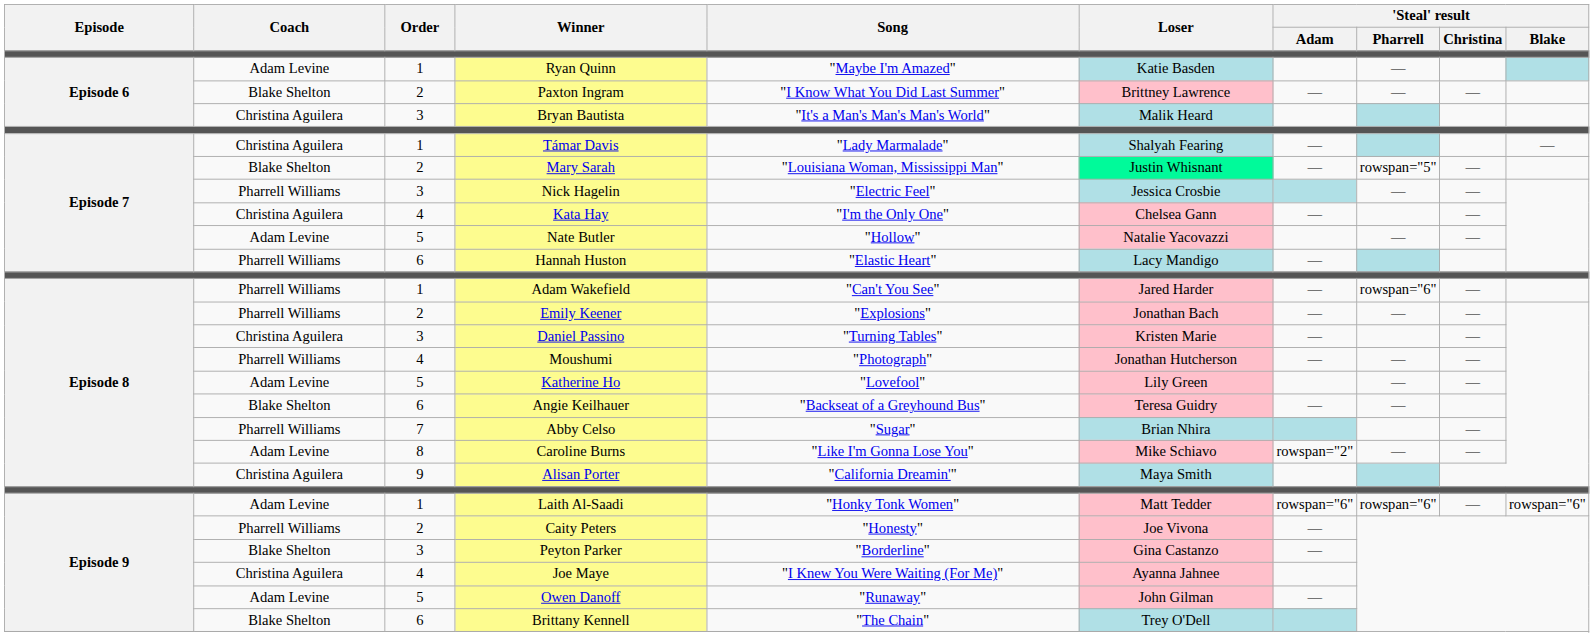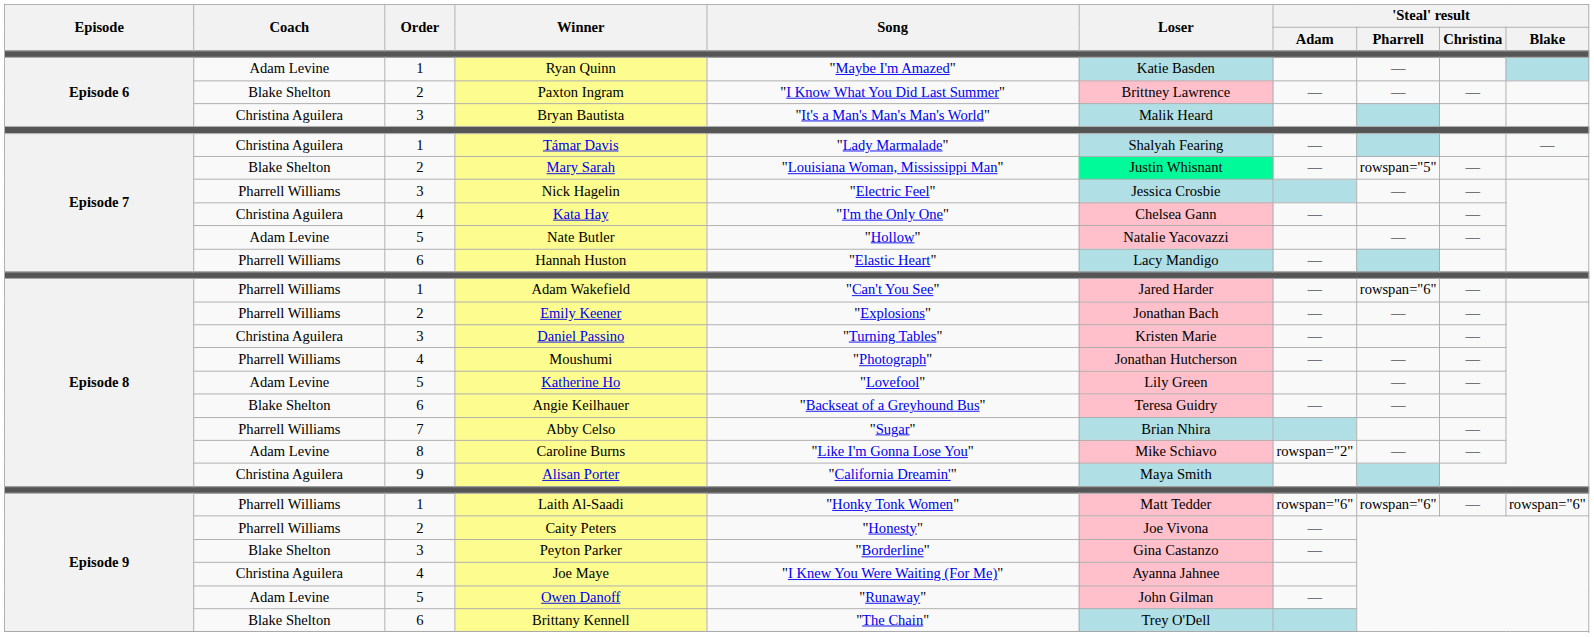 <table class="wikitable" style="text-align: center; width:110%;">
 <tr>
 <th rowspan="2" style="width:15%;">Episode</th>
 <th rowspan="2" style="width:15%;">Coach</th>
 <th rowspan="2" style="width:05%;">Order</th>
 <th rowspan="2" style="width:20%;">Winner</th>
 <th rowspan="2" style="width:30%;">Song</th>
 <th rowspan="2" style="width:20%;">Loser</th>
 <th colspan="4" style="width:20%;">'Steal' result</th>
 </tr>
 <tr>
 <th style="width:05%;">Adam</th>
 <th style="width:05%;">Pharrell</th>
 <th style="width:05%;">Christina</th>
 <th style="width:05%;">Blake</th>
 </tr>
 <tr>
 <td colspan="10" style="background:#555;"></td>
 </tr>
 <tr>
 <th rowspan="3">Episode 6<br><small></small></th>
 <td>Adam Levine</td>
 <td>1</td>
 <td style="background:#fdfc8f;">Ryan Quinn</td>
 <td>"<a href='#'>Maybe I'm Amazed</a>"</td>
 <td style="background:#B0E0E6;">Katie Basden</td>
 <td></td>
 <td>—</td>
 <td><strong></strong></td>
 <td style="background:#B0E0E6;"><strong></strong></td>
 </tr>
 <tr>
 <td>Blake Shelton</td>
 <td>2</td>
 <td style="background:#fdfc8f;">Paxton Ingram</td>
 <td>"<a href='#'>I Know What You Did Last Summer</a>"</td>
 <td style="background:pink;">Brittney Lawrence</td>
 <td>—</td>
 <td>—</td>
 <td>—</td>
 <td></td>
 </tr>
 <tr>
 <td>Christina Aguilera</td>
 <td>3</td>
 <td style="background:#fdfc8f;">Bryan Bautista</td>
 <td>"<a href='#'>It's a Man's Man's Man's World</a>"</td>
 <td style="background:#B0E0E6;">Malik Heard</td>
 <td><strong></strong></td>
 <td style="background:#B0E0E6;"><strong></strong></td>
 <td></td>
 <td><strong></strong></td>
 </tr>
 <tr>
 <td colspan="10" style="background:#555;"></td>
 </tr>
 <tr>
 <th rowspan="6">Episode 7<br><small></small></th>
 <td>Christina Aguilera</td>
 <td>1</td>
 <td style="background:#fdfc8f;"><a href='#'>Támar Davis</a></td>
 <td>"<a href='#'>Lady Marmalade</a>"</td>
 <td style="background:#B0E0E6;">Shalyah Fearing</td>
 <td>—</td>
 <td style="background:#B0E0E6;"><strong></strong></td>
 <td></td>
 <td>—</td>
 </tr>
 <tr>
 <td>Blake Shelton</td>
 <td>2</td>
 <td style="background:#fdfc8f;"><a href='#'>Mary Sarah</a></td>
 <td>"<a href='#'>Louisiana Woman, Mississippi Man</a>"</td>
 <td style="background:#00fa9a;">Justin Whisnant</td>
 <td>—</td>
 <td>rowspan="5" </td>
 <td>—</td>
 <td></td>
 </tr>
 <tr>
 <td>Pharrell Williams</td>
 <td>3</td>
 <td style="background:#fdfc8f;">Nick Hagelin</td>
 <td>"<a href='#'>Electric Feel</a>"</td>
 <td style="background:#B0E0E6;">Jessica Crosbie</td>
 <td style="background:#B0E0E6;"><strong></strong></td>
 <td>—</td>
 <td>—</td>
 </tr>
 <tr>
 <td>Christina Aguilera</td>
 <td>4</td>
 <td style="background:#fdfc8f;"><a href='#'>Kata Hay</a></td>
 <td>"<a href='#'>I'm the Only One</a>"</td>
 <td style="background:pink;">Chelsea Gann</td>
 <td>—</td>
 <td></td>
 <td>—</td>
 </tr>
 <tr>
 <td>Adam Levine</td>
 <td>5</td>
 <td style="background:#fdfc8f;">Nate Butler</td>
 <td>"<a href='#'>Hollow</a>"</td>
 <td style="background:pink;">Natalie Yacovazzi</td>
 <td></td>
 <td>—</td>
 <td>—</td>
 </tr>
 <tr>
 <td>Pharrell Williams</td>
 <td>6</td>
 <td style="background:#fdfc8f;">Hannah Huston</td>
 <td>"<a href='#'>Elastic Heart</a>"</td>
 <td style="background:#B0E0E6;">Lacy Mandigo</td>
 <td>—</td>
 <td style="background:#B0E0E6;"><strong></strong></td>
 <td><strong></strong></td>
 </tr>
 <tr>
 <td colspan="10" style="background:#555;"></td>
 </tr>
 <tr>
 <th rowspan="9">Episode 8<br><small></small></th>
 <td>Pharrell Williams</td>
 <td>1</td>
 <td style="background:#fdfc8f;">Adam Wakefield</td>
 <td>"<a href='#'>Can't You See</a>"</td>
 <td style="background:pink;">Jared Harder</td>
 <td>—</td>
 <td>rowspan="6" </td>
 <td>—</td>
 <td></td>
 </tr>
 <tr>
 <td>Pharrell Williams</td>
 <td>2</td>
 <td style="background:#fdfc8f;"><a href='#'>Emily Keener</a></td>
 <td>"<a href='#'>Explosions</a>"</td>
 <td style="background:pink;">Jonathan Bach</td>
 <td>—</td>
 <td>—</td>
 <td>—</td>
 </tr>
 <tr>
 <td>Christina Aguilera</td>
 <td>3</td>
 <td style="background:#fdfc8f;"><a href='#'>Daniel Passino</a></td>
 <td>"<a href='#'>Turning Tables</a>"</td>
 <td style="background:pink;">Kristen Marie</td>
 <td>—</td>
 <td></td>
 <td>—</td>
 </tr>
 <tr>
 <td>Pharrell Williams</td>
 <td>4</td>
 <td style="background:#fdfc8f;">Moushumi</td>
 <td>"<a href='#'>Photograph</a>"</td>
 <td style="background:pink;">Jonathan Hutcherson</td>
 <td>—</td>
 <td>—</td>
 <td>—</td>
 </tr>
 <tr>
 <td>Adam Levine</td>
 <td>5</td>
 <td style="background:#fdfc8f;"><a href='#'>Katherine Ho</a></td>
 <td>"<a href='#'>Lovefool</a>"</td>
 <td style="background:pink;">Lily Green</td>
 <td></td>
 <td>—</td>
 <td>—</td>
 </tr>
 <tr>
 <td>Blake Shelton</td>
 <td>6</td>
 <td style="background:#fdfc8f;">Angie Keilhauer</td>
 <td>"<a href='#'>Backseat of a Greyhound Bus</a>"</td>
 <td style="background:pink;">Teresa Guidry</td>
 <td>—</td>
 <td>—</td>
 <td></td>
 </tr>
 <tr>
 <td>Pharrell Williams</td>
 <td>7</td>
 <td style="background:#fdfc8f;">Abby Celso</td>
 <td>"<a href='#'>Sugar</a>"</td>
 <td style="background:#B0E0E6;">Brian Nhira</td>
 <td style="background:#B0E0E6;"><strong></strong></td>
 <td><strong></strong></td>
 <td>—</td>
 </tr>
 <tr>
 <td>Adam Levine</td>
 <td>8</td>
 <td style="background:#fdfc8f;">Caroline Burns</td>
 <td>"<a href='#'>Like I'm Gonna Lose You</a>"</td>
 <td style="background:pink;">Mike Schiavo</td>
 <td>rowspan="2" </td>
 <td>—</td>
 <td>—</td>
 </tr>
 <tr>
 <td>Christina Aguilera</td>
 <td>9</td>
 <td style="background:#fdfc8f;"><a href='#'>Alisan Porter</a></td>
 <td>"<a href='#'>California Dreamin'</a>"</td>
 <td style="background:#B0E0E6">Maya Smith</td>
 <td></td>
 <td style="background:#B0E0E6;"><strong></strong></td>
 </tr>
 <tr>
 <td colspan="10" style="background:#555;"></td>
 </tr>
 <tr>
 <th rowspan="6">Episode 9<br><small></small></th>
-<td>Adam Levine</td>
+<td>Pharrell Williams</td>
 <td>1</td>
 <td style="background:#fdfc8f;">Laith Al-Saadi</td>
 <td>"<a href='#'>Honky Tonk Women</a>"</td>
 <td style="background:pink;">Matt Tedder</td>
 <td>rowspan="6" </td>
 <td>rowspan="6" </td>
 <td>—</td>
 <td>rowspan="6" </td>
 </tr>
 <tr>
 <td>Pharrell Williams</td>
 <td>2</td>
 <td style="background:#fdfc8f;">Caity Peters</td>
 <td>"<a href='#'>Honesty</a>"</td>
 <td style="background:pink;">Joe Vivona</td>
 <td>—</td>
 </tr>
 <tr>
 <td>Blake Shelton</td>
 <td>3</td>
 <td style="background:#fdfc8f;">Peyton Parker</td>
 <td>"<a href='#'>Borderline</a>"</td>
 <td style="background:pink;">Gina Castanzo</td>
 <td>—</td>
 </tr>
 <tr>
 <td>Christina Aguilera</td>
 <td>4</td>
 <td style="background:#fdfc8f;">Joe Maye</td>
 <td>"<a href='#'>I Knew You Were Waiting (For Me)</a>"</td>
 <td style="background:pink;">Ayanna Jahnee</td>
 <td></td>
 </tr>
 <tr>
 <td>Adam Levine</td>
 <td>5</td>
 <td style="background:#fdfc8f;"><a href='#'>Owen Danoff</a></td>
 <td>"<a href='#'>Runaway</a>"</td>
 <td style="background:pink;">John Gilman</td>
 <td>—</td>
 </tr>
 <tr>
 <td>Blake Shelton</td>
 <td>6</td>
 <td style="background:#fdfc8f;">Brittany Kennell</td>
 <td>"<a href='#'>The Chain</a>"</td>
 <td style="background:#B0E0E6;">Trey O'Dell</td>
 <td style="background:#B0E0E6;"><strong></strong></td>
 </tr>
 <tr>
 </tr>
 </table>
